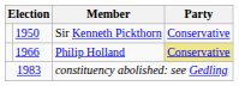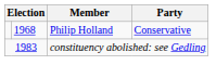 <table class="wikitable">
 <tr>
 <th colspan="2">Election</th>
 <th>Member</th>
 <th>Party</th>
 </tr>
 <tr>
 <td style="color:inherit;background-color: "></td>
-<td><a href='#'>1950</a></td>
-<td>Sir <a href='#'>Kenneth Pickthorn</a></td>
+<td><a href='#'>1968</a></td>
+<td><a href='#'>Philip Holland</a></td>
 <td><a href='#'>Conservative</a></td>
-</tr>
-<tr>
-<td style="color:inherit;background-color: "></td>
-<td><a href='#'>1966</a></td>
-<td><a href='#'>Philip Holland</a></td>
-<td style="background: khaki;"><a href='#'>Conservative</a></td>
 </tr>
 <tr>
 <td colspan=2 align="center"><a href='#'>1983</a></td>
 <td colspan="2"><em>constituency abolished: see <a href='#'>Gedling</a></em></td>
 </tr>
 </table>
